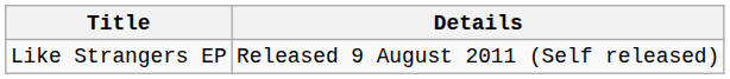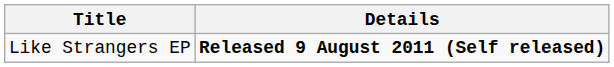 <table class="wikitable">
 <tr>
 <th>Title</th>
 <th>Details</th>
 </tr>
 <tr>
 <td>Like Strangers EP</td>
-<td>Released 9 August 2011 (Self released)</td>
+<td><strong>Released 9 August 2011 (Self released)</strong></td>
 </tr>
 </table>
